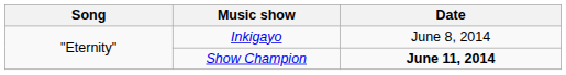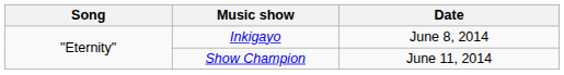 <table class="wikitable" style="text-align:center; width:650px;">
 <tr>
 <th style="width:150px;">Song</th>
 <th style="width:150px;">Music show</th>
 <th style="width:200px;">Date</th>
 </tr>
 <tr>
 <td rowspan="2">"Eternity"</td>
 <td><em><a href='#'>Inkigayo</a></em></td>
 <td>June 8, 2014 </td>
 </tr>
 <tr>
 <td><em><a href='#'>Show Champion</a></em></td>
-<td><strong>June 11, 2014 </strong></td>
+<td>June 11, 2014 </td>
 </tr>
 </table>
